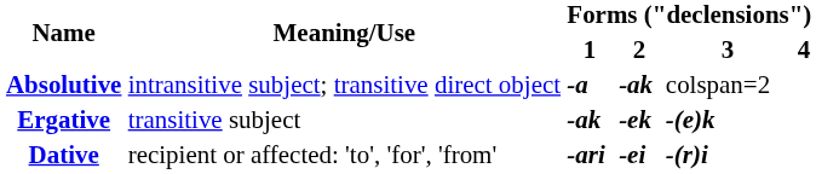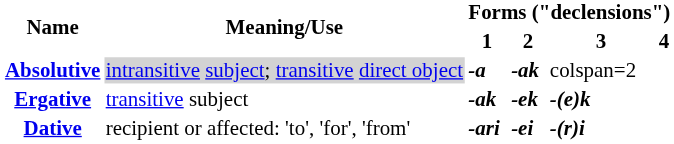 <table>
 <tr>
 <th rowspan=2 align="center">Name</th>
 <th rowspan=2 align="center">Meaning/Use</th>
 <th colspan=4 align="center">Forms ("declensions")</th>
 </tr>
 <tr>
 <th>1</th>
 <th>2</th>
 <th>3</th>
 <th>4</th>
 </tr>
 <tr>
 <th><a href='#'>Absolutive</a></th>
-<td><a href='#'>intransitive</a> <a href='#'>subject</a>; <a href='#'>transitive</a> <a href='#'>direct object</a></td>
+<td style="background: lightgrey;"><a href='#'>intransitive</a> <a href='#'>subject</a>; <a href='#'>transitive</a> <a href='#'>direct object</a></td>
 <td><strong><em>-a</em></strong></td>
 <td><strong><em>-ak</em></strong></td>
 <td>colspan=2 </td>
 </tr>
 <tr>
 <th><a href='#'>Ergative</a></th>
 <td><a href='#'>transitive</a> subject</td>
 <td><strong><em>-ak</em></strong></td>
 <td><strong><em>-ek</em></strong></td>
 <td colspan=2><strong><em>-(e)k</em></strong></td>
 </tr>
 <tr>
 <th><a href='#'>Dative</a></th>
 <td>recipient or affected: 'to', 'for', 'from'</td>
 <td><strong><em>-ari</em></strong></td>
 <td><strong><em>-ei</em></strong></td>
 <td colspan=2><strong><em>-(r)i</em></strong></td>
 </tr>
 </table>
